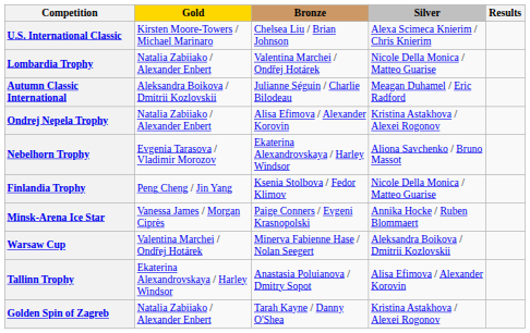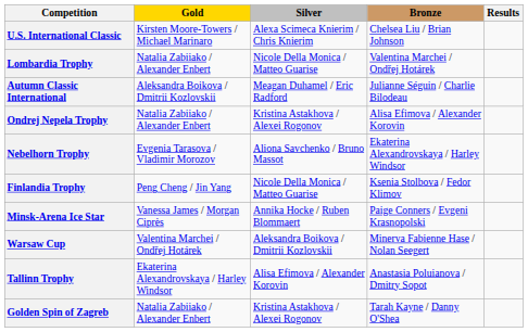 <table class="wikitable unsortable" style="text-align:left; width:90%;">
 <tr>
 <th scope="col" style="text-align:center; width:25%;">Competition</th>
 <td scope="col" style="text-align:center; width:22.5%; background:gold"><strong>Gold</strong></td>
+<td scope="col" style="text-align:center; width:22.5%; background:silver"><strong>Silver</strong></td>
 <td scope="col" style="text-align:center; width:22.5%; background:#c96"><strong>Bronze</strong></td>
-<td scope="col" style="text-align:center; width:22.5%; background:silver"><strong>Silver</strong></td>
 <th scope="col" style="text-align:center; width:7.5%;">Results</th>
 </tr>
 <tr>
 <th scope="row" style="text-align:left"> <a href='#'>U.S. International Classic</a></th>
 <td> <a href='#'>Kirsten Moore-Towers</a> / <a href='#'>Michael Marinaro</a></td>
+<td> <a href='#'>Alexa Scimeca Knierim</a> / <a href='#'>Chris Knierim</a></td>
 <td> <a href='#'>Chelsea Liu</a> / <a href='#'>Brian Johnson</a></td>
-<td> <a href='#'>Alexa Scimeca Knierim</a> / <a href='#'>Chris Knierim</a></td>
 <td></td>
 </tr>
 <tr>
 <th scope="row" style="text-align:left"> <a href='#'>Lombardia Trophy</a></th>
 <td> <a href='#'>Natalia Zabiiako</a> / <a href='#'>Alexander Enbert</a></td>
+<td> <a href='#'>Nicole Della Monica</a> / <a href='#'>Matteo Guarise</a></td>
 <td> <a href='#'>Valentina Marchei</a> / <a href='#'>Ondřej Hotárek</a></td>
-<td> <a href='#'>Nicole Della Monica</a> / <a href='#'>Matteo Guarise</a></td>
 <td></td>
 </tr>
 <tr>
 <th scope="row" style="text-align:left"> <a href='#'>Autumn Classic International</a></th>
 <td> <a href='#'>Aleksandra Boikova</a> / <a href='#'>Dmitrii Kozlovskii</a></td>
+<td> <a href='#'>Meagan Duhamel</a> / <a href='#'>Eric Radford</a></td>
 <td> <a href='#'>Julianne Séguin</a> / <a href='#'>Charlie Bilodeau</a></td>
-<td> <a href='#'>Meagan Duhamel</a> / <a href='#'>Eric Radford</a></td>
 <td></td>
 </tr>
 <tr>
 <th scope="row" style="text-align:left"> <a href='#'>Ondrej Nepela Trophy</a></th>
 <td> <a href='#'>Natalia Zabiiako</a> / <a href='#'>Alexander Enbert</a></td>
+<td> <a href='#'>Kristina Astakhova</a> / <a href='#'>Alexei Rogonov</a></td>
 <td> <a href='#'>Alisa Efimova</a> / <a href='#'>Alexander Korovin</a></td>
-<td> <a href='#'>Kristina Astakhova</a> / <a href='#'>Alexei Rogonov</a></td>
 <td></td>
 </tr>
 <tr>
 <th scope="row" style="text-align:left"> <a href='#'>Nebelhorn Trophy</a></th>
 <td> <a href='#'>Evgenia Tarasova</a> / <a href='#'>Vladimir Morozov</a></td>
+<td> <a href='#'>Aliona Savchenko</a> / <a href='#'>Bruno Massot</a></td>
 <td> <a href='#'>Ekaterina Alexandrovskaya</a> / <a href='#'>Harley Windsor</a></td>
-<td> <a href='#'>Aliona Savchenko</a> / <a href='#'>Bruno Massot</a></td>
 <td></td>
 </tr>
 <tr>
 <th scope="row" style="text-align:left"> <a href='#'>Finlandia Trophy</a></th>
 <td> <a href='#'>Peng Cheng</a> / <a href='#'>Jin Yang</a></td>
+<td> <a href='#'>Nicole Della Monica</a> / <a href='#'>Matteo Guarise</a></td>
 <td> <a href='#'>Ksenia Stolbova</a> / <a href='#'>Fedor Klimov</a></td>
-<td> <a href='#'>Nicole Della Monica</a> / <a href='#'>Matteo Guarise</a></td>
 <td></td>
 </tr>
 <tr>
 <th scope="row" style="text-align:left"> <a href='#'>Minsk-Arena Ice Star</a></th>
 <td> <a href='#'>Vanessa James</a> / <a href='#'>Morgan Ciprès</a></td>
+<td> <a href='#'>Annika Hocke</a> / <a href='#'>Ruben Blommaert</a></td>
 <td> <a href='#'>Paige Conners</a> / <a href='#'>Evgeni Krasnopolski</a></td>
-<td> <a href='#'>Annika Hocke</a> / <a href='#'>Ruben Blommaert</a></td>
 <td></td>
 </tr>
 <tr>
 <th scope="row" style="text-align:left"> <a href='#'>Warsaw Cup</a></th>
 <td> <a href='#'>Valentina Marchei</a> / <a href='#'>Ondřej Hotárek</a></td>
+<td> <a href='#'>Aleksandra Boikova</a> / <a href='#'>Dmitrii Kozlovskii</a></td>
 <td> <a href='#'>Minerva Fabienne Hase</a> / <a href='#'>Nolan Seegert</a></td>
-<td> <a href='#'>Aleksandra Boikova</a> / <a href='#'>Dmitrii Kozlovskii</a></td>
 <td></td>
 </tr>
 <tr>
 <th scope="row" style="text-align:left"> <a href='#'>Tallinn Trophy</a></th>
 <td> <a href='#'>Ekaterina Alexandrovskaya</a> / <a href='#'>Harley Windsor</a></td>
+<td> <a href='#'>Alisa Efimova</a> / <a href='#'>Alexander Korovin</a></td>
 <td> <a href='#'>Anastasia Poluianova</a> / <a href='#'>Dmitry Sopot</a></td>
-<td> <a href='#'>Alisa Efimova</a> / <a href='#'>Alexander Korovin</a></td>
 <td></td>
 </tr>
 <tr>
 <th scope="row" style="text-align:left"> <a href='#'>Golden Spin of Zagreb</a></th>
 <td> <a href='#'>Natalia Zabiiako</a> / <a href='#'>Alexander Enbert</a></td>
+<td> <a href='#'>Kristina Astakhova</a> / <a href='#'>Alexei Rogonov</a></td>
 <td> <a href='#'>Tarah Kayne</a> / <a href='#'>Danny O'Shea</a></td>
-<td> <a href='#'>Kristina Astakhova</a> / <a href='#'>Alexei Rogonov</a></td>
 <td></td>
 </tr>
 </table>
